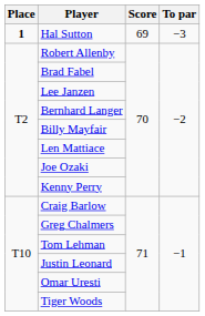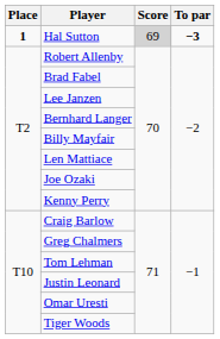 <table class="wikitable">
 <tr>
 <th>Place</th>
 <th>Player</th>
 <th>Score</th>
 <th>To par</th>
 </tr>
 <tr>
 <td align=center><strong>1</strong></td>
 <td> <a href='#'>Hal Sutton</a></td>
-<td align=center>69</td>
-<td align=center>−3</td>
+<td align=center style="background: lightgrey;">69</td>
+<td align=center><strong>−3</strong></td>
 </tr>
 <tr>
 <td rowspan=8 align=center>T2</td>
 <td> <a href='#'>Robert Allenby</a></td>
 <td rowspan=8 align=center>70</td>
 <td rowspan=8 align=center>−2</td>
 </tr>
 <tr>
 <td> <a href='#'>Brad Fabel</a></td>
 </tr>
 <tr>
 <td> <a href='#'>Lee Janzen</a></td>
 </tr>
 <tr>
 <td> <a href='#'>Bernhard Langer</a></td>
 </tr>
 <tr>
 <td> <a href='#'>Billy Mayfair</a></td>
 </tr>
 <tr>
 <td> <a href='#'>Len Mattiace</a></td>
 </tr>
 <tr>
 <td> <a href='#'>Joe Ozaki</a></td>
 </tr>
 <tr>
 <td> <a href='#'>Kenny Perry</a></td>
 </tr>
 <tr>
 <td rowspan=6 align=center>T10</td>
 <td> <a href='#'>Craig Barlow</a></td>
 <td rowspan=6 align=center>71</td>
 <td rowspan=6 align=center>−1</td>
 </tr>
 <tr>
 <td> <a href='#'>Greg Chalmers</a></td>
 </tr>
 <tr>
 <td> <a href='#'>Tom Lehman</a></td>
 </tr>
 <tr>
 <td> <a href='#'>Justin Leonard</a></td>
 </tr>
 <tr>
 <td> <a href='#'>Omar Uresti</a></td>
 </tr>
 <tr>
 <td> <a href='#'>Tiger Woods</a></td>
 </tr>
 </table>
